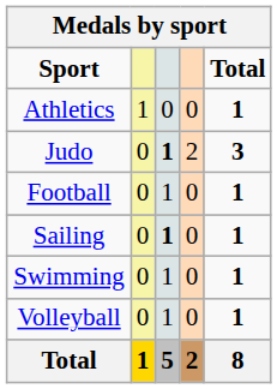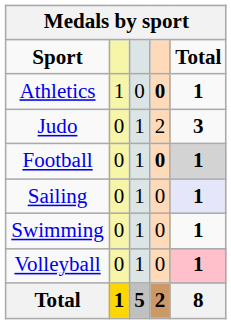 <table class="wikitable" style="font-size:85%; float:right">
 <tr style="background:#efefef;">
 <th colspan=5>Medals by sport</th>
 </tr>
 <tr align=center>
 <td><strong>Sport</strong></td>
 <td bgcolor=#f7f6a8></td>
 <td bgcolor=#dce5e5></td>
 <td bgcolor=#ffdab9></td>
 <td><strong>Total</strong></td>
 </tr>
 <tr align=center>
 <td><a href='#'>Athletics</a></td>
 <td style="background:#F7F6A8;">1</td>
 <td style="background:#DCE5E5;">0</td>
-<td style="background:#FFDAB9;">0</td>
+<td style="background:#FFDAB9;"><strong>0</strong></td>
 <td><strong>1</strong></td>
 </tr>
 <tr align=center>
 <td><a href='#'>Judo</a></td>
 <td style="background:#F7F6A8;">0</td>
-<td style="background:#DCE5E5;"><strong>1</strong></td>
+<td style="background:#DCE5E5;">1</td>
 <td style="background:#FFDAB9;">2</td>
 <td><strong>3</strong></td>
 </tr>
 <tr align=center>
 <td><a href='#'>Football</a></td>
 <td style="background:#F7F6A8;">0</td>
 <td style="background:#DCE5E5;">1</td>
-<td style="background:#FFDAB9;">0</td>
-<td><strong>1</strong></td>
+<td style="background:#FFDAB9;"><strong>0</strong></td>
+<td style="background: lightgrey;"><strong>1</strong></td>
 </tr>
 <tr align=center>
 <td><a href='#'>Sailing</a></td>
 <td style="background:#F7F6A8;">0</td>
-<td style="background:#DCE5E5;"><strong>1</strong></td>
+<td style="background:#DCE5E5;">1</td>
 <td style="background:#FFDAB9;">0</td>
-<td><strong>1</strong></td>
+<td style="background: lavender;"><strong>1</strong></td>
 </tr>
 <tr align=center>
 <td><a href='#'>Swimming</a></td>
 <td style="background:#F7F6A8;">0</td>
 <td style="background:#DCE5E5;">1</td>
 <td style="background:#FFDAB9;">0</td>
 <td><strong>1</strong></td>
 </tr>
 <tr align=center>
 <td><a href='#'>Volleyball</a></td>
 <td style="background:#F7F6A8;">0</td>
 <td style="background:#DCE5E5;">1</td>
 <td style="background:#FFDAB9;">0</td>
-<td><strong>1</strong></td>
+<td style="background: pink;"><strong>1</strong></td>
 </tr>
 <tr align=center>
 <th>Total</th>
 <th style="background:gold;">1</th>
 <th style="background:silver;">5</th>
 <th style="background:#c96;">2</th>
 <th>8</th>
 </tr>
 </table>
